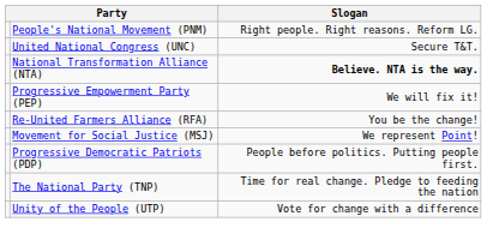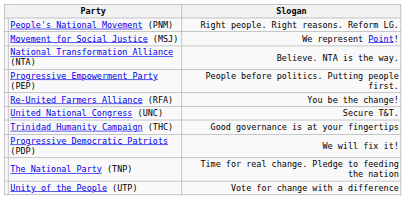 <table class="wikitable" style="text-align:right;  margin-bottom:0">
 <tr>
 <th colspan="2">Party</th>
 <th>Slogan</th>
 </tr>
 <tr>
 <td style="color:inherit;background:"></td>
 <td style="text-align:left;"><a href='#'>People's National Movement</a> (PNM)</td>
 <td>Right people. Right reasons. Reform LG.</td>
 </tr>
 <tr>
 <td style="color:inherit;background:"></td>
-<td style="text-align:left;"><a href='#'>United National Congress</a> (UNC)</td>
-<td>Secure T&T.</td>
+<td style="text-align:left;"><a href='#'>Movement for Social Justice</a> (MSJ)</td>
+<td>We represent <a href='#'>Point</a>!</td>
 </tr>
 <tr>
 <td style="color:inherit;background:"></td>
 <td style="text-align:left;"><a href='#'>National Transformation Alliance</a> (NTA)</td>
-<td><strong>Believe. NTA is the way.</strong></td>
+<td>Believe. NTA is the way.</td>
 </tr>
 <tr>
 <td style="color:inherit;background:"></td>
 <td style="text-align:left;"><a href='#'>Progressive Empowerment Party</a> (PEP)</td>
-<td>We will fix it!</td>
+<td>People before politics. Putting people first.</td>
 </tr>
 <tr>
 <td style="color:inherit;background:"></td>
 <td style="text-align:left;"><a href='#'>Re-United Farmers Alliance</a> (RFA)</td>
 <td>You be the change!</td>
 </tr>
 <tr>
 <td style="color:inherit;background:"></td>
-<td style="text-align:left;"><a href='#'>Movement for Social Justice</a> (MSJ)</td>
-<td>We represent <a href='#'>Point</a>!</td>
+<td style="text-align:left;"><a href='#'>United National Congress</a> (UNC)</td>
+<td>Secure T&T.</td>
+</tr>
+<tr>
+<td style="color:inherit;background:"></td>
+<td style="text-align:left;"><a href='#'>Trinidad Humanity Campaign</a> (THC)</td>
+<td>Good governance is at your fingertips</td>
 </tr>
 <tr>
 <td style="color:inherit;background:"></td>
 <td style="text-align:left;"><a href='#'>Progressive Democratic Patriots</a> (PDP)</td>
-<td>People before politics. Putting people first.</td>
+<td>We will fix it!</td>
 </tr>
 <tr>
 <td style="color:inherit;background:"></td>
 <td style="text-align:left;"><a href='#'>The National Party</a> (TNP)</td>
 <td>Time for real change. Pledge to feeding the nation</td>
 </tr>
 <tr>
 <td style="color:inherit;background:"></td>
 <td style="text-align:left;"><a href='#'>Unity of the People</a> (UTP)</td>
 <td>Vote for change with a difference</td>
 </tr>
 </table>
